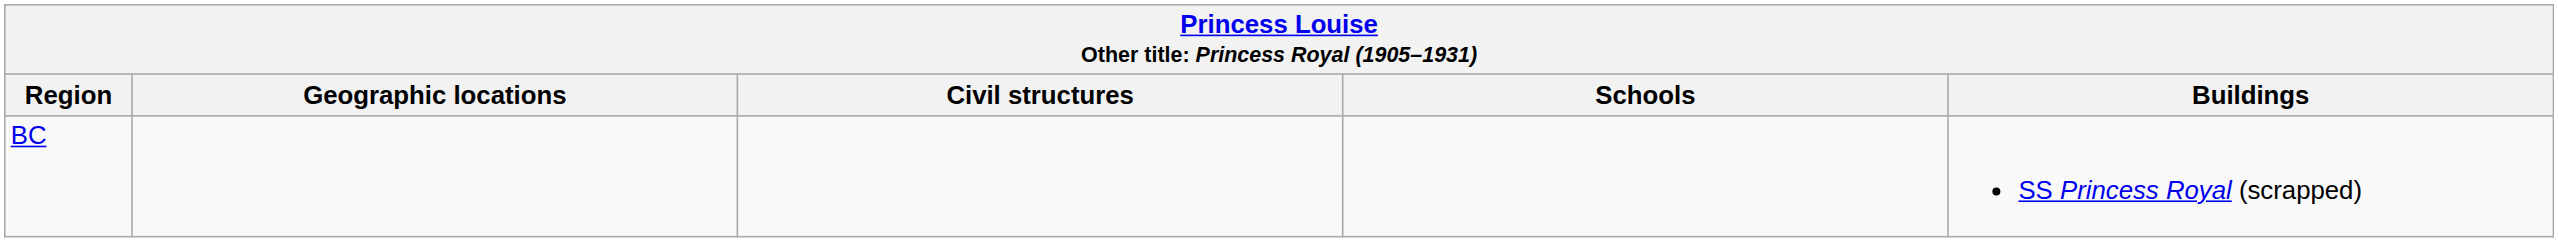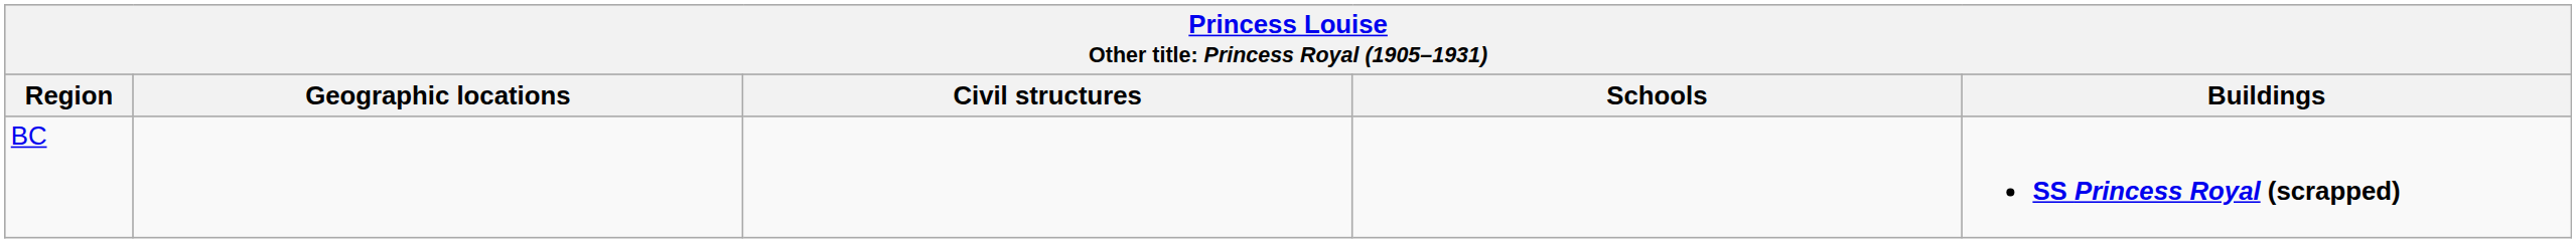 <table class="wikitable" width="100%">
 <tr>
 <th colspan="5"> <a href='#'>Princess Louise</a><br><small>Other title: <em>Princess Royal (1905–1931)</em></small></th>
 </tr>
 <tr>
 <th width="5%">Region</th>
 <th width="23.75%">Geographic locations</th>
 <th width="23.75%">Civil structures</th>
 <th width="23.75%">Schools</th>
 <th width="23.75%">Buildings</th>
 </tr>
 <tr>
 <td align=left valign=top> <a href='#'>BC</a></td>
 <td></td>
 <td></td>
 <td></td>
-<td align=left valign=top><br><ul><li><a href='#'>SS <em>Princess Royal</em></a> (scrapped)</li></ul></td>
+<td align=left valign=top><strong><br><ul><li><a href='#'>SS <em>Princess Royal</em></a> (scrapped)</li></ul></strong></td>
 </tr>
 </table>
